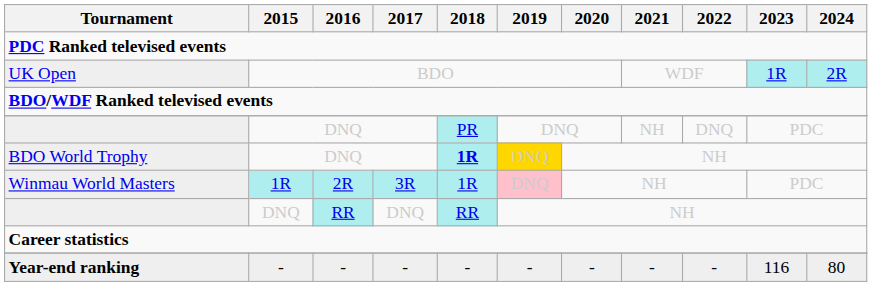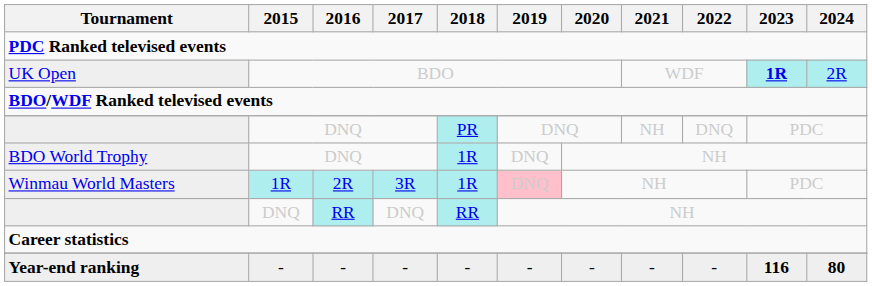 <table class="wikitable" style="width:50%; margin:0">
 <tr>
 <th>Tournament</th>
 <th>2015</th>
 <th>2016</th>
 <th>2017</th>
 <th>2018</th>
 <th>2019</th>
 <th>2020</th>
 <th>2021</th>
 <th>2022</th>
 <th>2023</th>
 <th>2024</th>
 </tr>
 <tr>
 <td colspan="31" align="left"><strong><a href='#'>PDC</a> Ranked televised events</strong></td>
 </tr>
 <tr>
 <td style="background:#efefef;"><a href='#'>UK Open</a></td>
 <td colspan="6" style="text-align:center; color:#ccc;">BDO</td>
 <td colspan="2" style="text-align:center; color:#ccc;">WDF</td>
-<td style="text-align:center; background:#afeeee;"><a href='#'>1R</a></td>
+<td style="text-align:center; background:#afeeee;"><strong><a href='#'>1R</a></strong></td>
 <td style="text-align:center; background:#afeeee;"><a href='#'>2R</a></td>
 </tr>
 <tr>
 <td colspan="31" align="left"><strong><a href='#'>BDO</a>/<a href='#'>WDF</a> Ranked televised events</strong></td>
 </tr>
 <tr>
 </tr>
 <tr>
 <td style="background:#efefef;"></td>
 <td colspan="3" style="text-align:center; color:#ccc;">DNQ</td>
 <td style="text-align:center; background:#afeeee;"><a href='#'>PR</a></td>
 <td colspan="2" style="text-align:center; color:#ccc;">DNQ</td>
 <td colspan="1" style="text-align:center; color:#ccc;">NH</td>
 <td style="text-align:center; color:#ccc;">DNQ</td>
 <td colspan="2" style="text-align:center; color:#ccc;">PDC</td>
 </tr>
 <tr>
 <td style="background:#efefef;"><a href='#'>BDO World Trophy</a></td>
 <td colspan="3" style="text-align:center; color:#ccc;">DNQ</td>
-<td style="text-align:center; background:#afeeee;"><strong><a href='#'>1R</a></strong></td>
-<td style="background: gold; text-align:center; color:#ccc;">DNQ</td>
+<td style="text-align:center; background:#afeeee;"><a href='#'>1R</a></td>
+<td style="text-align:center; color:#ccc;">DNQ</td>
 <td colspan="5" style="text-align:center; color:#ccc;">NH</td>
 </tr>
 <tr>
 <td style="background:#efefef;"><a href='#'>Winmau World Masters</a></td>
 <td style="text-align:center; background:#afeeee;"><a href='#'>1R</a></td>
 <td style="text-align:center; background:#afeeee;"><a href='#'>2R</a></td>
 <td style="text-align:center; background:#afeeee;"><a href='#'>3R</a></td>
 <td style="text-align:center; background:#afeeee;"><a href='#'>1R</a></td>
 <td style="background: pink; text-align:center; color:#ccc;">DNQ</td>
 <td colspan="3" style="text-align:center; color:#ccc;">NH</td>
 <td colspan="2" style="text-align:center; color:#ccc;">PDC</td>
 </tr>
 <tr>
 <td style="background:#efefef;"></td>
 <td style="text-align:center; color:#ccc;">DNQ</td>
 <td style="text-align:center; background:#afeeee;"><a href='#'>RR</a></td>
 <td style="text-align:center; color:#ccc;">DNQ</td>
 <td style="text-align:center; background:#afeeee;"><a href='#'>RR</a></td>
 <td colspan="6" style="text-align:center; color:#ccc;">NH</td>
 </tr>
 <tr>
 <td colspan="22" align="left"><strong>Career statistics</strong></td>
 </tr>
 <tr>
 </tr>
 <tr bgcolor="efefef">
 <td align="left"><strong>Year-end ranking</strong></td>
 <td style="text-align:center;">-</td>
 <td style="text-align:center;">-</td>
 <td style="text-align:center;">-</td>
 <td style="text-align:center;">-</td>
 <td style="text-align:center;">-</td>
 <td style="text-align:center;">-</td>
 <td style="text-align:center;">-</td>
 <td style="text-align:center;">-</td>
-<td style="text-align:center;">116</td>
-<td style="text-align:center;">80</td>
+<td style="text-align:center;"><strong>116</strong></td>
+<td style="text-align:center;"><strong>80</strong></td>
 </tr>
 </table>
